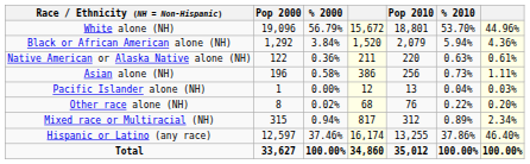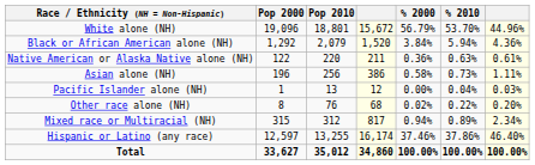 <table class="wikitable" style="text-align:center;">
 <tr>
 <th>Race / Ethnicity <small>(<em>NH = Non-Hispanic</em>)</small></th>
 <th>Pop 2000</th>
+<th>Pop 2010</th>
+<th></th>
 <th>% 2000</th>
-<th></th>
-<th>Pop 2010</th>
 <th>% 2010</th>
 <th></th>
 </tr>
 <tr>
 <td><a href='#'>White</a> alone (NH)</td>
 <td>19,096</td>
+<td>18,801</td>
+<td style='background: #ffffe6;'>15,672</td>
 <td>56.79%</td>
-<td style='background: #ffffe6;'>15,672</td>
-<td>18,801</td>
 <td>53.70%</td>
 <td style='background: #ffffe6;'>44.96%</td>
 </tr>
 <tr>
 <td><a href='#'>Black or African American</a> alone (NH)</td>
 <td>1,292</td>
+<td>2,079</td>
+<td style='background: #ffffe6;'>1,520</td>
 <td>3.84%</td>
-<td style='background: #ffffe6;'>1,520</td>
-<td>2,079</td>
 <td>5.94%</td>
 <td style='background: #ffffe6;'>4.36%</td>
 </tr>
 <tr>
 <td><a href='#'>Native American</a> or <a href='#'>Alaska Native</a> alone (NH)</td>
 <td>122</td>
+<td>220</td>
+<td style='background: #ffffe6;'>211</td>
 <td>0.36%</td>
-<td style='background: #ffffe6;'>211</td>
-<td>220</td>
 <td>0.63%</td>
 <td style='background: #ffffe6;'>0.61%</td>
 </tr>
 <tr>
 <td><a href='#'>Asian</a> alone (NH)</td>
 <td>196</td>
+<td>256</td>
+<td style='background: #ffffe6;'>386</td>
 <td>0.58%</td>
-<td style='background: #ffffe6;'>386</td>
-<td>256</td>
 <td>0.73%</td>
 <td style='background: #ffffe6;'>1.11%</td>
 </tr>
 <tr>
 <td><a href='#'>Pacific Islander</a> alone (NH)</td>
 <td>1</td>
+<td>13</td>
+<td style='background: #ffffe6;'>12</td>
 <td>0.00%</td>
-<td style='background: #ffffe6;'>12</td>
-<td>13</td>
 <td>0.04%</td>
 <td style='background: #ffffe6;'>0.03%</td>
 </tr>
 <tr>
 <td><a href='#'>Other race</a> alone (NH)</td>
 <td>8</td>
+<td>76</td>
+<td style='background: #ffffe6;'>68</td>
 <td>0.02%</td>
-<td style='background: #ffffe6;'>68</td>
-<td>76</td>
 <td>0.22%</td>
 <td style='background: #ffffe6;'>0.20%</td>
 </tr>
 <tr>
 <td><a href='#'>Mixed race or Multiracial</a> (NH)</td>
 <td>315</td>
+<td>312</td>
+<td style='background: #ffffe6;'>817</td>
 <td>0.94%</td>
-<td style='background: #ffffe6;'>817</td>
-<td>312</td>
 <td>0.89%</td>
 <td style='background: #ffffe6;'>2.34%</td>
 </tr>
 <tr>
 <td><a href='#'>Hispanic or Latino</a> (any race)</td>
 <td>12,597</td>
+<td>13,255</td>
+<td style='background: #ffffe6;'>16,174</td>
 <td>37.46%</td>
-<td style='background: #ffffe6;'>16,174</td>
-<td>13,255</td>
 <td>37.86%</td>
 <td style='background: #ffffe6;'>46.40%</td>
 </tr>
 <tr>
 <td><strong>Total</strong></td>
 <td><strong>33,627</strong></td>
+<td><strong>35,012</strong></td>
+<td style='background: #ffffe6;'><strong>34,860</strong></td>
 <td><strong>100.00%</strong></td>
-<td style='background: #ffffe6;'><strong>34,860</strong></td>
-<td><strong>35,012</strong></td>
 <td><strong>100.00%</strong></td>
 <td style='background: #ffffe6;'><strong>100.00%</strong></td>
 </tr>
 </table>
